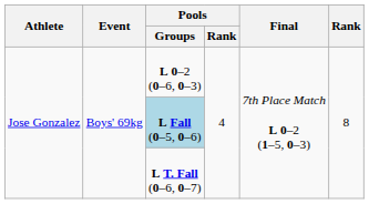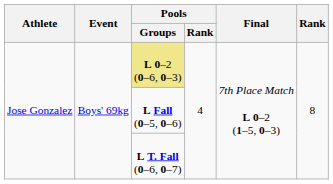 <table class="wikitable" style="text-align:left; font-size:90%">
 <tr>
 <th rowspan="2">Athlete</th>
 <th rowspan="2">Event</th>
 <th colspan="2">Pools</th>
 <th rowspan="2">Final</th>
 <th rowspan="2">Rank</th>
 </tr>
 <tr>
 <th>Groups</th>
 <th>Rank</th>
 </tr>
 <tr>
 <td rowspan="3"><a href='#'>Jose Gonzalez</a></td>
 <td rowspan="3"><a href='#'>Boys' 69kg</a></td>
-<td align=center><br><strong>L</strong> <strong>0</strong>–2<br>(<strong>0</strong>–6, <strong>0</strong>–3)</td>
+<td align=center style="background: khaki;"><br><strong>L</strong> <strong>0</strong>–2<br>(<strong>0</strong>–6, <strong>0</strong>–3)</td>
 <td rowspan="3" align=center>4</td>
 <td align=center rowspan=3><em>7th Place Match</em><br><br><strong>L</strong> <strong>0</strong>–2<br>(<strong>1</strong>–5, <strong>0</strong>–3)</td>
 <td rowspan="3" align="center">8</td>
 </tr>
 <tr>
-<td align=center style="background: lightblue;"><br><strong>L</strong> <strong><a href='#'>Fall</a></strong><br>(<strong>0</strong>–5, <strong>0</strong>–6)</td>
+<td align=center><br><strong>L</strong> <strong><a href='#'>Fall</a></strong><br>(<strong>0</strong>–5, <strong>0</strong>–6)</td>
 </tr>
 <tr>
 <td align=center><br><strong>L</strong> <strong><a href='#'>T. Fall</a></strong><br>(<strong>0</strong>–6, <strong>0</strong>–7)</td>
 </tr>
 </table>
